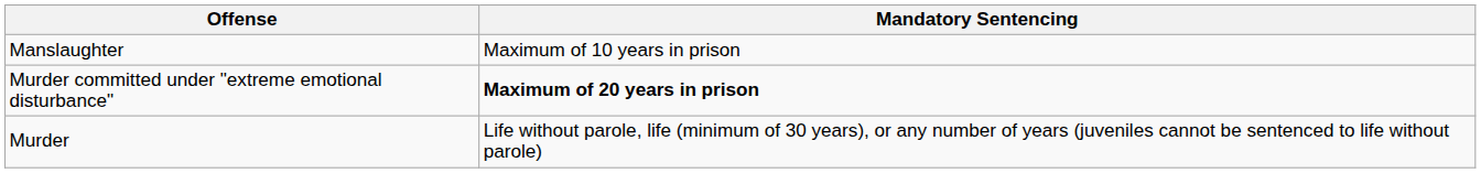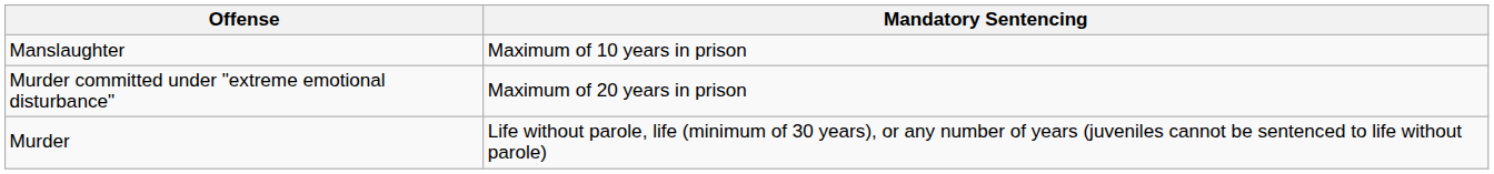 <table class="wikitable">
 <tr>
 <th>Offense</th>
 <th>Mandatory Sentencing</th>
 </tr>
 <tr>
 <td>Manslaughter</td>
 <td>Maximum of 10 years in prison</td>
 </tr>
 <tr>
 <td>Murder committed under "extreme emotional disturbance"</td>
-<td><strong>Maximum of 20 years in prison</strong></td>
+<td>Maximum of 20 years in prison</td>
 </tr>
 <tr>
 <td>Murder</td>
 <td>Life without parole, life (minimum of 30 years), or any number of years (juveniles cannot be sentenced to life without parole)</td>
 </tr>
 </table>
